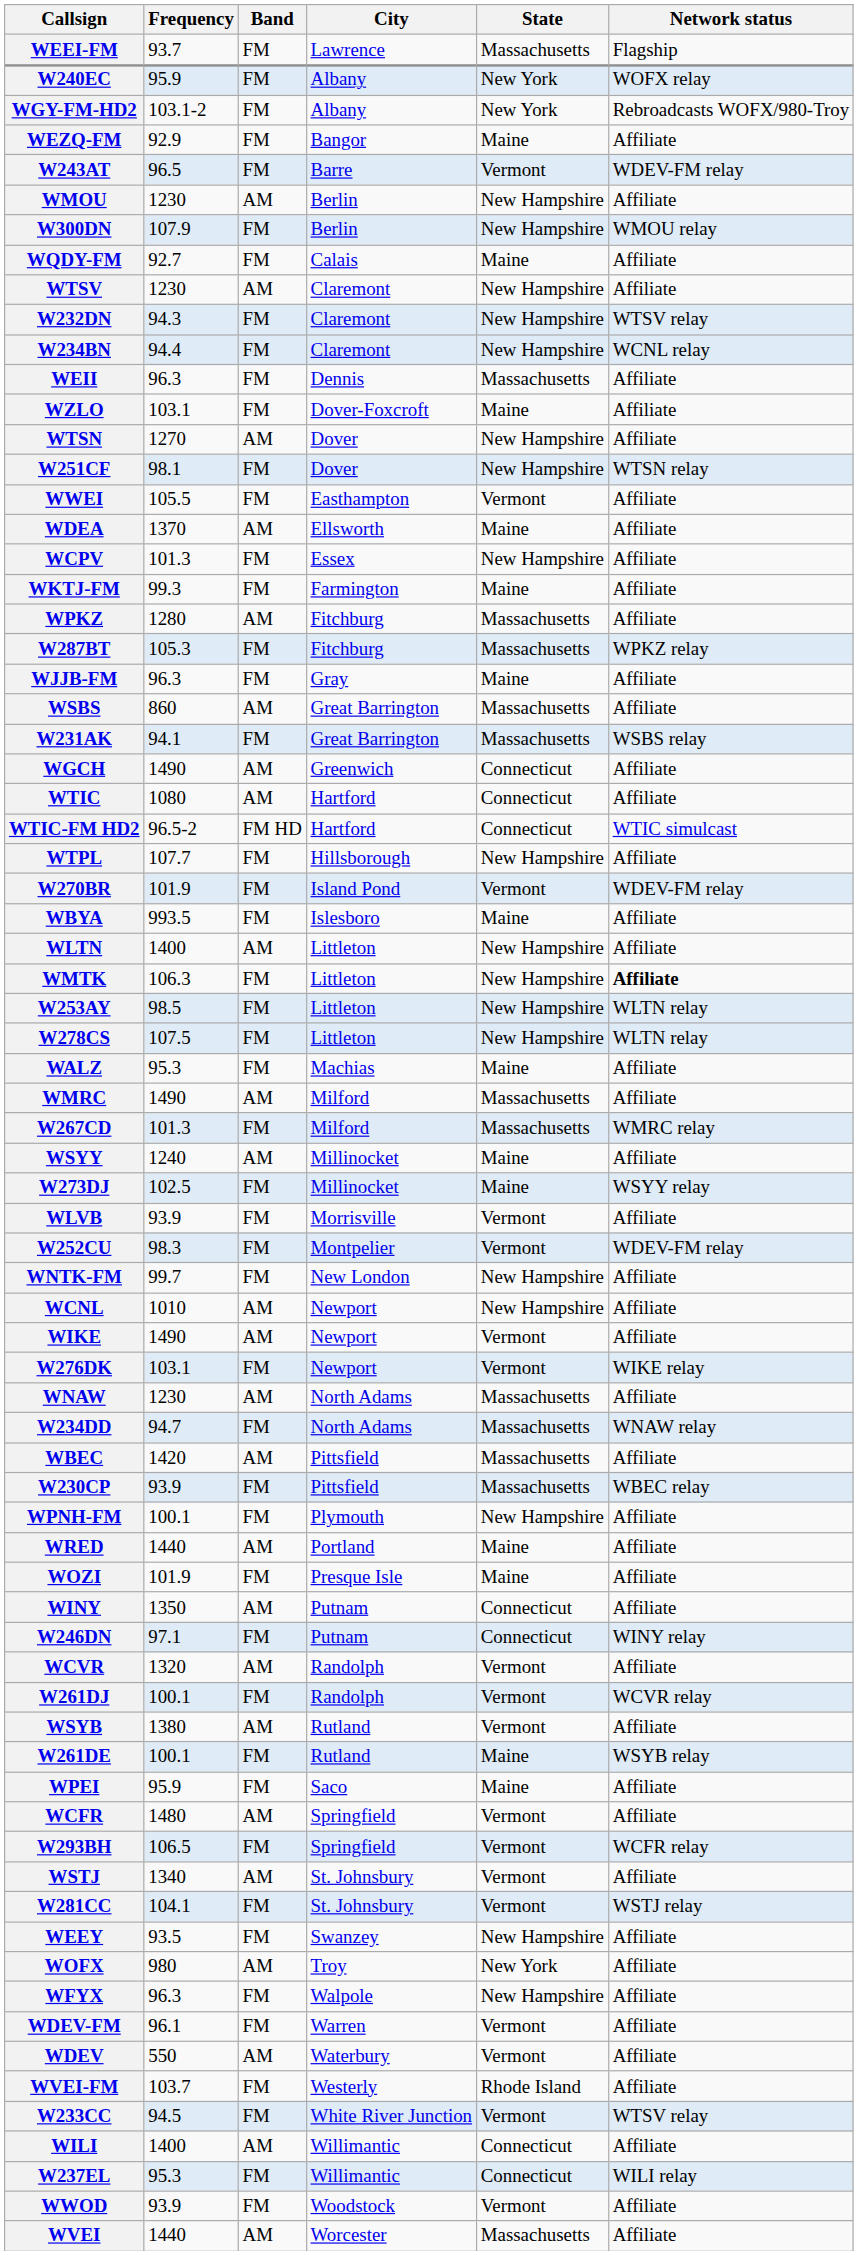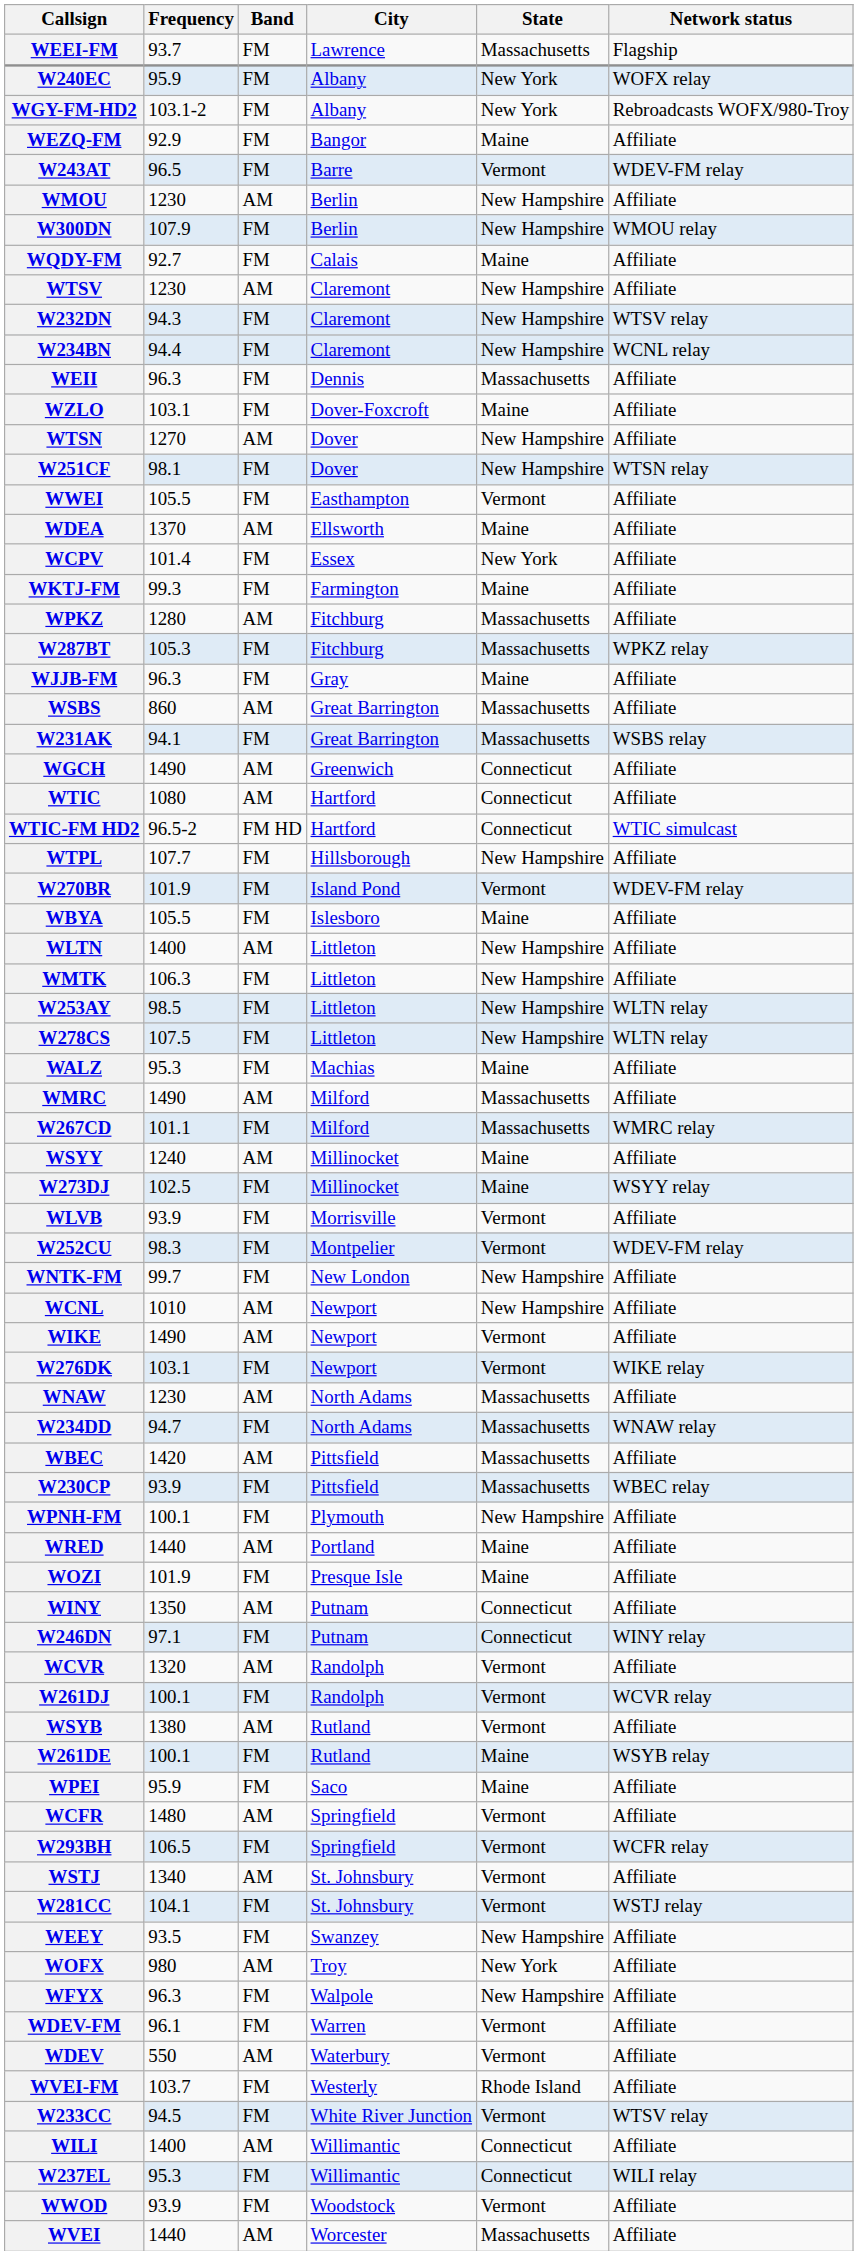 <table class="wikitable sortable">
 <tr>
 <th scope="col">Callsign</th>
 <th scope="col">Frequency</th>
 <th scope="col">Band</th>
 <th scope="col">City</th>
 <th scope="col">State</th>
 <th scope="col">Network status</th>
 </tr>
 <tr style="border-bottom: 2px solid grey">
 <th scope = "row"><a href='#'>WEEI-FM</a></th>
 <td data-sort-value=093700>93.7</td>
 <td>FM</td>
 <td><a href='#'>Lawrence</a></td>
 <td>Massachusetts</td>
 <td>Flagship</td>
 </tr>
 <tr>
 </tr>
 <tr style="background-color:#DFEBF6;">
 <th scope = "row"><a href='#'>W240EC</a></th>
 <td data-sort-value=095990>95.9</td>
 <td>FM</td>
 <td><a href='#'>Albany</a></td>
 <td>New York</td>
 <td>WOFX relay</td>
 </tr>
 <tr>
 <th scope = "row"><a href='#'>WGY-FM-HD2</a></th>
 <td data-sort-value=103120>103.1-2</td>
 <td>FM</td>
 <td><a href='#'>Albany</a></td>
 <td>New York</td>
 <td>Rebroadcasts WOFX/980-Troy</td>
 </tr>
 <tr>
 <th scope = "row"><a href='#'>WEZQ-FM</a></th>
 <td data-sort-value=092900>92.9</td>
 <td>FM</td>
 <td><a href='#'>Bangor</a></td>
 <td>Maine</td>
 <td>Affiliate</td>
 </tr>
 <tr style="background-color:#DFEBF6;">
 <th scope = "row"><a href='#'>W243AT</a></th>
 <td data-sort-value=096590>96.5</td>
 <td>FM</td>
 <td><a href='#'>Barre</a></td>
 <td>Vermont</td>
 <td>WDEV-FM relay</td>
 </tr>
 <tr>
 <th scope = "row"><a href='#'>WMOU</a></th>
 <td data-sort-value=001230>1230</td>
 <td>AM</td>
 <td><a href='#'>Berlin</a></td>
 <td>New Hampshire</td>
 <td>Affiliate</td>
 </tr>
 <tr style="background-color:#DFEBF6;">
 <th scope = "row"><a href='#'>W300DN</a></th>
 <td data-sort-value=107990>107.9</td>
 <td>FM</td>
 <td><a href='#'>Berlin</a></td>
 <td>New Hampshire</td>
 <td>WMOU relay</td>
 </tr>
 <tr>
 <th scope = "row"><a href='#'>WQDY-FM</a></th>
 <td data-sort-value=092700>92.7</td>
 <td>FM</td>
 <td><a href='#'>Calais</a></td>
 <td>Maine</td>
 <td>Affiliate</td>
 </tr>
 <tr>
 <th scope = "row"><a href='#'>WTSV</a></th>
 <td data-sort-value=001230>1230</td>
 <td>AM</td>
 <td><a href='#'>Claremont</a></td>
 <td>New Hampshire</td>
 <td>Affiliate</td>
 </tr>
 <tr style="background-color:#DFEBF6;">
 <th scope = "row"><a href='#'>W232DN</a></th>
 <td data-sort-value=094390>94.3</td>
 <td>FM</td>
 <td><a href='#'>Claremont</a></td>
 <td>New Hampshire</td>
 <td>WTSV relay</td>
 </tr>
 <tr style="background-color:#DFEBF6;">
 <th scope = "row"><a href='#'>W234BN</a></th>
 <td data-sort-value=094790>94.4</td>
 <td>FM</td>
 <td><a href='#'>Claremont</a></td>
 <td>New Hampshire</td>
 <td>WCNL relay</td>
 </tr>
 <tr>
 <th scope = "row"><a href='#'>WEII</a></th>
 <td data-sort-value=096300>96.3</td>
 <td>FM</td>
 <td><a href='#'>Dennis</a></td>
 <td>Massachusetts</td>
 <td>Affiliate</td>
 </tr>
 <tr>
 <th scope = "row"><a href='#'>WZLO</a></th>
 <td data-sort-value=103100>103.1</td>
 <td>FM</td>
 <td><a href='#'>Dover-Foxcroft</a></td>
 <td>Maine</td>
 <td>Affiliate</td>
 </tr>
 <tr>
 <th scope = "row"><a href='#'>WTSN</a></th>
 <td data-sort-value=001270>1270</td>
 <td>AM</td>
 <td><a href='#'>Dover</a></td>
 <td>New Hampshire</td>
 <td>Affiliate</td>
 </tr>
 <tr style="background-color:#DFEBF6;">
 <th scope = "row"><a href='#'>W251CF</a></th>
 <td data-sort-value=0098190>98.1</td>
 <td>FM</td>
 <td><a href='#'>Dover</a></td>
 <td>New Hampshire</td>
 <td>WTSN relay</td>
 </tr>
 <tr>
 <th scope = "row"><a href='#'>WWEI</a></th>
 <td data-sort-value=105500>105.5</td>
 <td>FM</td>
 <td><a href='#'>Easthampton</a></td>
 <td>Vermont</td>
 <td>Affiliate</td>
 </tr>
 <tr>
 <th scope = "row"><a href='#'>WDEA</a></th>
 <td data-sort-value=001370>1370</td>
 <td>AM</td>
 <td><a href='#'>Ellsworth</a></td>
 <td>Maine</td>
 <td>Affiliate</td>
 </tr>
 <tr>
 <th scope = "row"><a href='#'>WCPV</a></th>
-<td data-sort-value=101300>101.3</td>
+<td data-sort-value=101300>101.4</td>
 <td>FM</td>
 <td><a href='#'>Essex</a></td>
-<td>New Hampshire</td>
+<td>New York</td>
 <td>Affiliate</td>
 </tr>
 <tr>
 <th scope = "row"><a href='#'>WKTJ-FM</a></th>
 <td data-sort-value=099300>99.3</td>
 <td>FM</td>
 <td><a href='#'>Farmington</a></td>
 <td>Maine</td>
 <td>Affiliate</td>
 </tr>
 <tr>
 <th scope = "row"><a href='#'>WPKZ</a></th>
 <td data-sort-value=001280>1280</td>
 <td>AM</td>
 <td><a href='#'>Fitchburg</a></td>
 <td>Massachusetts</td>
 <td>Affiliate</td>
 </tr>
 <tr style="background-color:#DFEBF6;">
 <th scope = "row"><a href='#'>W287BT</a></th>
 <td data-sort-value=105390>105.3</td>
 <td>FM</td>
 <td><a href='#'>Fitchburg</a></td>
 <td>Massachusetts</td>
 <td>WPKZ relay</td>
 </tr>
 <tr>
 <th scope = "row"><a href='#'>WJJB-FM</a></th>
 <td data-sort-value=096300>96.3</td>
 <td>FM</td>
 <td><a href='#'>Gray</a></td>
 <td>Maine</td>
 <td>Affiliate</td>
 </tr>
 <tr>
 <th scope = "row"><a href='#'>WSBS</a></th>
 <td data-sort-value=000860>860</td>
 <td>AM</td>
 <td><a href='#'>Great Barrington</a></td>
 <td>Massachusetts</td>
 <td>Affiliate</td>
 </tr>
 <tr style="background-color:#DFEBF6;">
 <th scope = "row"><a href='#'>W231AK</a></th>
 <td data-sort-value=094190>94.1</td>
 <td>FM</td>
 <td><a href='#'>Great Barrington</a></td>
 <td>Massachusetts</td>
 <td>WSBS relay</td>
 </tr>
 <tr>
 <th scope = "row"><a href='#'>WGCH</a></th>
 <td data-sort-value=001490>1490</td>
 <td>AM</td>
 <td><a href='#'>Greenwich</a></td>
 <td>Connecticut</td>
 <td>Affiliate</td>
 </tr>
 <tr>
 <th scope = "row"><a href='#'>WTIC</a></th>
 <td data-sort-value=001080>1080</td>
 <td>AM</td>
 <td><a href='#'>Hartford</a></td>
 <td>Connecticut</td>
 <td>Affiliate</td>
 </tr>
 <tr>
 <th scope = "row"><a href='#'>WTIC-FM HD2</a></th>
 <td data-sort-value=096520>96.5-2</td>
 <td>FM HD</td>
 <td><a href='#'>Hartford</a></td>
 <td>Connecticut</td>
 <td><a href='#'>WTIC simulcast</a></td>
 </tr>
 <tr>
 <th scope = "row"><a href='#'>WTPL</a></th>
 <td data-sort-value=107700>107.7</td>
 <td>FM</td>
 <td><a href='#'>Hillsborough</a></td>
 <td>New Hampshire</td>
 <td>Affiliate</td>
 </tr>
 <tr style="background-color:#DFEBF6;">
 <th scope = "row"><a href='#'>W270BR</a></th>
 <td data-sort-value=101990>101.9</td>
 <td>FM</td>
 <td><a href='#'>Island Pond</a></td>
 <td>Vermont</td>
 <td>WDEV-FM relay</td>
 </tr>
 <tr>
 <th scope = "row"><a href='#'>WBYA</a></th>
-<td data-sort-value=105500>993.5</td>
+<td data-sort-value=105500>105.5</td>
 <td>FM</td>
 <td><a href='#'>Islesboro</a></td>
 <td>Maine</td>
 <td>Affiliate</td>
 </tr>
 <tr>
 <th scope = "row"><a href='#'>WLTN</a></th>
 <td data-sort-value=001400>1400</td>
 <td>AM</td>
 <td><a href='#'>Littleton</a></td>
 <td>New Hampshire</td>
 <td>Affiliate</td>
 </tr>
 <tr>
 <th scope = "row"><a href='#'>WMTK</a></th>
 <td data-sort-value=106300>106.3</td>
 <td>FM</td>
 <td><a href='#'>Littleton</a></td>
 <td>New Hampshire</td>
-<td><strong>Affiliate</strong></td>
+<td>Affiliate</td>
 </tr>
 <tr style="background-color:#DFEBF6;">
 <th scope = "row"><a href='#'>W253AY</a></th>
 <td data-sort-value=098590>98.5</td>
 <td>FM</td>
 <td><a href='#'>Littleton</a></td>
 <td>New Hampshire</td>
 <td>WLTN relay</td>
 </tr>
 <tr style="background-color:#DFEBF6;">
 <th scope = "row"><a href='#'>W278CS</a></th>
 <td data-sort-value=107590>107.5</td>
 <td>FM</td>
 <td><a href='#'>Littleton</a></td>
 <td>New Hampshire</td>
 <td>WLTN relay</td>
 </tr>
 <tr>
 <th scope = "row"><a href='#'>WALZ</a></th>
 <td data-sort-value=095300>95.3</td>
 <td>FM</td>
 <td><a href='#'>Machias</a></td>
 <td>Maine</td>
 <td>Affiliate</td>
 </tr>
 <tr>
 <th scope = "row"><a href='#'>WMRC</a></th>
 <td data-sort-value=001490>1490</td>
 <td>AM</td>
 <td><a href='#'>Milford</a></td>
 <td>Massachusetts</td>
 <td>Affiliate</td>
 </tr>
 <tr style="background-color:#DFEBF6;">
 <th scope = "row"><a href='#'>W267CD</a></th>
-<td data-sort-value=101390>101.3</td>
+<td data-sort-value=101390>101.1</td>
 <td>FM</td>
 <td><a href='#'>Milford</a></td>
 <td>Massachusetts</td>
 <td>WMRC relay</td>
 </tr>
 <tr>
 <th scope = "row"><a href='#'>WSYY</a></th>
 <td data-sort-value=001240>1240</td>
 <td>AM</td>
 <td><a href='#'>Millinocket</a></td>
 <td>Maine</td>
 <td>Affiliate</td>
 </tr>
 <tr style="background-color:#DFEBF6;">
 <th scope = "row"><a href='#'>W273DJ</a></th>
 <td data-sort-value=102590>102.5</td>
 <td>FM</td>
 <td><a href='#'>Millinocket</a></td>
 <td>Maine</td>
 <td>WSYY relay</td>
 </tr>
 <tr>
 <th scope = "row"><a href='#'>WLVB</a></th>
 <td data-sort-value=093900>93.9</td>
 <td>FM</td>
 <td><a href='#'>Morrisville</a></td>
 <td>Vermont</td>
 <td>Affiliate</td>
 </tr>
 <tr style="background-color:#DFEBF6;">
 <th scope = "row"><a href='#'>W252CU</a></th>
 <td data-sort-value=098390>98.3</td>
 <td>FM</td>
 <td><a href='#'>Montpelier</a></td>
 <td>Vermont</td>
 <td>WDEV-FM relay</td>
 </tr>
 <tr>
 <th scope = "row"><a href='#'>WNTK-FM</a></th>
 <td data-sort-value=099700>99.7</td>
 <td>FM</td>
 <td><a href='#'>New London</a></td>
 <td>New Hampshire</td>
 <td>Affiliate</td>
 </tr>
 <tr>
 <th scope = "row"><a href='#'>WCNL</a></th>
 <td data-sort-value=001010>1010</td>
 <td>AM</td>
 <td><a href='#'>Newport</a></td>
 <td>New Hampshire</td>
 <td>Affiliate</td>
 </tr>
 <tr>
 <th scope = "row"><a href='#'>WIKE</a></th>
 <td data-sort-value=001490>1490</td>
 <td>AM</td>
 <td><a href='#'>Newport</a></td>
 <td>Vermont</td>
 <td>Affiliate</td>
 </tr>
 <tr style="background-color:#DFEBF6;">
 <th scope = "row"><a href='#'>W276DK</a></th>
 <td data-sort-value=103190>103.1</td>
 <td>FM</td>
 <td><a href='#'>Newport</a></td>
 <td>Vermont</td>
 <td>WIKE relay</td>
 </tr>
 <tr>
 <th scope = "row"><a href='#'>WNAW</a></th>
 <td data-sort-value=001230>1230</td>
 <td>AM</td>
 <td><a href='#'>North Adams</a></td>
 <td>Massachusetts</td>
 <td>Affiliate</td>
 </tr>
 <tr style="background-color:#DFEBF6;">
 <th scope = "row"><a href='#'>W234DD</a></th>
 <td data-sort-value=094791>94.7</td>
 <td>FM</td>
 <td><a href='#'>North Adams</a></td>
 <td>Massachusetts</td>
 <td>WNAW relay</td>
 </tr>
 <tr>
 <th scope = "row"><a href='#'>WBEC</a></th>
 <td data-sort-value=001420>1420</td>
 <td>AM</td>
 <td><a href='#'>Pittsfield</a></td>
 <td>Massachusetts</td>
 <td>Affiliate</td>
 </tr>
 <tr style="background-color:#DFEBF6;">
 <th scope = "row"><a href='#'>W230CP</a></th>
 <td data-sort-value=093990>93.9</td>
 <td>FM</td>
 <td><a href='#'>Pittsfield</a></td>
 <td>Massachusetts</td>
 <td>WBEC relay</td>
 </tr>
 <tr>
 <th scope = "row"><a href='#'>WPNH-FM</a></th>
 <td data-sort-value=100100>100.1</td>
 <td>FM</td>
 <td><a href='#'>Plymouth</a></td>
 <td>New Hampshire</td>
 <td>Affiliate</td>
 </tr>
 <tr>
 <th scope = "row"><a href='#'>WRED</a></th>
 <td data-sort-value=001440>1440</td>
 <td>AM</td>
 <td><a href='#'>Portland</a></td>
 <td>Maine</td>
 <td>Affiliate</td>
 </tr>
 <tr>
 <th scope = "row"><a href='#'>WOZI</a></th>
 <td data-sort-value=101900>101.9</td>
 <td>FM</td>
 <td><a href='#'>Presque Isle</a></td>
 <td>Maine</td>
 <td>Affiliate</td>
 </tr>
 <tr>
 <th scope = "row"><a href='#'>WINY</a></th>
 <td data-sort-value=001350>1350</td>
 <td>AM</td>
 <td><a href='#'>Putnam</a></td>
 <td>Connecticut</td>
 <td>Affiliate</td>
 </tr>
 <tr style="background-color:#DFEBF6;">
 <th scope = "row"><a href='#'>W246DN</a></th>
 <td data-sort-value=097190>97.1</td>
 <td>FM</td>
 <td><a href='#'>Putnam</a></td>
 <td>Connecticut</td>
 <td>WINY relay</td>
 </tr>
 <tr>
 <th scope = "row"><a href='#'>WCVR</a></th>
 <td data-sort-value=001320>1320</td>
 <td>AM</td>
 <td><a href='#'>Randolph</a></td>
 <td>Vermont</td>
 <td>Affiliate</td>
 </tr>
 <tr style="background-color:#DFEBF6;">
 <th scope = "row"><a href='#'>W261DJ</a></th>
 <td data-sort-value=100191>100.1</td>
 <td>FM</td>
 <td><a href='#'>Randolph</a></td>
 <td>Vermont</td>
 <td>WCVR relay</td>
 </tr>
 <tr>
 <th scope = "row"><a href='#'>WSYB</a></th>
 <td data-sort-value=001380>1380</td>
 <td>AM</td>
 <td><a href='#'>Rutland</a></td>
 <td>Vermont</td>
 <td>Affiliate</td>
 </tr>
 <tr style="background-color:#DFEBF6;">
 <th scope = "row"><a href='#'>W261DE</a></th>
 <td data-sort-value=100190>100.1</td>
 <td>FM</td>
 <td><a href='#'>Rutland</a></td>
 <td>Maine</td>
 <td>WSYB relay</td>
 </tr>
 <tr>
 <th scope = "row"><a href='#'>WPEI</a></th>
 <td data-sort-value=095900>95.9</td>
 <td>FM</td>
 <td><a href='#'>Saco</a></td>
 <td>Maine</td>
 <td>Affiliate</td>
 </tr>
 <tr>
 <th scope = "row"><a href='#'>WCFR</a></th>
 <td data-sort-value=001480>1480</td>
 <td>AM</td>
 <td><a href='#'>Springfield</a></td>
 <td>Vermont</td>
 <td>Affiliate</td>
 </tr>
 <tr style="background-color:#DFEBF6;">
 <th scope = "row"><a href='#'>W293BH</a></th>
 <td data-sort-value=106590>106.5</td>
 <td>FM</td>
 <td><a href='#'>Springfield</a></td>
 <td>Vermont</td>
 <td>WCFR relay</td>
 </tr>
 <tr>
 <th scope = "row"><a href='#'>WSTJ</a></th>
 <td data-sort-value=001340>1340</td>
 <td>AM</td>
 <td><a href='#'>St. Johnsbury</a></td>
 <td>Vermont</td>
 <td>Affiliate</td>
 </tr>
 <tr style="background-color:#DFEBF6;">
 <th scope = "row"><a href='#'>W281CC</a></th>
 <td data-sort-value=104190>104.1</td>
 <td>FM</td>
 <td><a href='#'>St. Johnsbury</a></td>
 <td>Vermont</td>
 <td>WSTJ relay</td>
 </tr>
 <tr>
 <th scope = "row"><a href='#'>WEEY</a></th>
 <td data-sort-value=093500>93.5</td>
 <td>FM</td>
 <td><a href='#'>Swanzey</a></td>
 <td>New Hampshire</td>
 <td>Affiliate</td>
 </tr>
 <tr>
 <th scope = "row"><a href='#'>WOFX</a></th>
 <td data-sort-value=000980>980</td>
 <td>AM</td>
 <td><a href='#'>Troy</a></td>
 <td>New York</td>
 <td>Affiliate</td>
 </tr>
 <tr>
 <th scope = "row"><a href='#'>WFYX</a></th>
 <td data-sort-value=096300>96.3</td>
 <td>FM</td>
 <td><a href='#'>Walpole</a></td>
 <td>New Hampshire</td>
 <td>Affiliate</td>
 </tr>
 <tr>
 <th scope = "row"><a href='#'>WDEV-FM</a></th>
 <td data-sort-value=096100>96.1</td>
 <td>FM</td>
 <td><a href='#'>Warren</a></td>
 <td>Vermont</td>
 <td>Affiliate</td>
 </tr>
 <tr>
 <th scope = "row"><a href='#'>WDEV</a></th>
 <td data-sort-value=000550>550</td>
 <td>AM</td>
 <td><a href='#'>Waterbury</a></td>
 <td>Vermont</td>
 <td>Affiliate</td>
 </tr>
 <tr>
 <th scope = "row"><a href='#'>WVEI-FM</a></th>
 <td data-sort-value=103700>103.7</td>
 <td>FM</td>
 <td><a href='#'>Westerly</a></td>
 <td>Rhode Island</td>
 <td>Affiliate</td>
 </tr>
 <tr style="background-color:#DFEBF6;">
 <th scope = "row"><a href='#'>W233CC</a></th>
 <td data-sort-value=094590>94.5</td>
 <td>FM</td>
 <td><a href='#'>White River Junction</a></td>
 <td>Vermont</td>
 <td>WTSV relay</td>
 </tr>
 <tr>
 <th scope = "row"><a href='#'>WILI</a></th>
 <td data-sort-value=001400>1400</td>
 <td>AM</td>
 <td><a href='#'>Willimantic</a></td>
 <td>Connecticut</td>
 <td>Affiliate</td>
 </tr>
 <tr style="background-color:#DFEBF6;">
 <th scope = "row"><a href='#'>W237EL</a></th>
 <td data-sort-value=095390>95.3</td>
 <td>FM</td>
 <td><a href='#'>Willimantic</a></td>
 <td>Connecticut</td>
 <td>WILI relay</td>
 </tr>
 <tr>
 <th scope = "row"><a href='#'>WWOD</a></th>
 <td data-sort-value=093900>93.9</td>
 <td>FM</td>
 <td><a href='#'>Woodstock</a></td>
 <td>Vermont</td>
 <td>Affiliate</td>
 </tr>
 <tr>
 <th scope = "row"><a href='#'>WVEI</a></th>
 <td data-sort-value=001440>1440</td>
 <td>AM</td>
 <td><a href='#'>Worcester</a></td>
 <td>Massachusetts</td>
 <td>Affiliate</td>
 </tr>
 </table>
